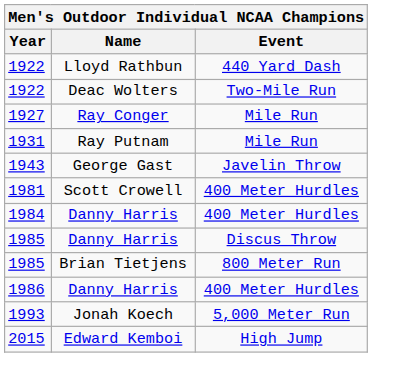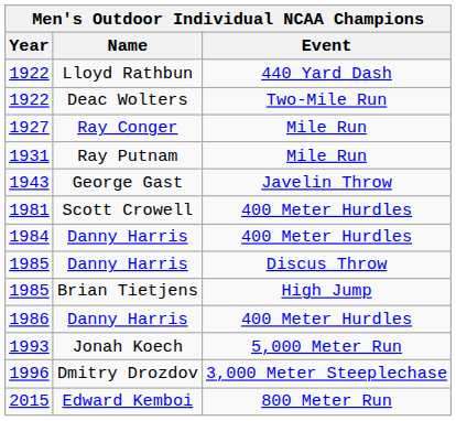 <table class="wikitable">
 <tr>
 <th colspan="3">Men's Outdoor Individual NCAA Champions</th>
 </tr>
 <tr>
 <th scope="col">Year</th>
 <th scope="col">Name</th>
 <th scope="col">Event</th>
 </tr>
 <tr>
 <td><a href='#'>1922</a></td>
 <td style="text-align: center;">Lloyd Rathbun</td>
 <td style="text-align: center;"><a href='#'>440 Yard Dash</a></td>
 </tr>
 <tr>
 <td><a href='#'>1922</a></td>
 <td style="text-align: center;">Deac Wolters</td>
 <td style="text-align: center;"><a href='#'>Two-Mile Run</a></td>
 </tr>
 <tr>
 <td><a href='#'>1927</a></td>
 <td style="text-align: center;"><a href='#'>Ray Conger</a></td>
 <td style="text-align: center;"><a href='#'>Mile Run</a></td>
 </tr>
 <tr>
 <td><a href='#'>1931</a></td>
 <td style="text-align: center;">Ray Putnam</td>
 <td style="text-align: center;"><a href='#'>Mile Run</a></td>
 </tr>
 <tr>
 <td><a href='#'>1943</a></td>
 <td style="text-align: center;">George Gast</td>
 <td style="text-align: center;"><a href='#'>Javelin Throw</a></td>
 </tr>
 <tr>
 <td><a href='#'>1981</a></td>
 <td style="text-align: center;">Scott Crowell</td>
 <td style="text-align: center;"><a href='#'>400 Meter Hurdles</a></td>
 </tr>
 <tr>
 <td><a href='#'>1984</a></td>
 <td style="text-align: center;"><a href='#'>Danny Harris</a></td>
 <td style="text-align: center;"><a href='#'>400 Meter Hurdles</a></td>
 </tr>
 <tr>
 <td><a href='#'>1985</a></td>
 <td style="text-align: center;"><a href='#'>Danny Harris</a></td>
 <td style="text-align: center;"><a href='#'>Discus Throw</a></td>
 </tr>
 <tr>
 <td><a href='#'>1985</a></td>
 <td style="text-align: center;">Brian Tietjens</td>
-<td style="text-align: center;"><a href='#'>800 Meter Run</a></td>
+<td style="text-align: center;"><a href='#'>High Jump</a></td>
 </tr>
 <tr>
 <td><a href='#'>1986</a></td>
 <td style="text-align: center;"><a href='#'>Danny Harris</a></td>
 <td style="text-align: center;"><a href='#'>400 Meter Hurdles</a></td>
 </tr>
 <tr>
 <td><a href='#'>1993</a></td>
 <td style="text-align: center;">Jonah Koech</td>
 <td style="text-align: center;"><a href='#'>5,000 Meter Run</a></td>
 </tr>
 <tr>
+<td><a href='#'>1996</a></td>
+<td style="text-align: center;">Dmitry Drozdov</td>
+<td style="text-align: center;"><a href='#'>3,000 Meter Steeplechase</a></td>
+</tr>
+<tr>
 <td><a href='#'>2015</a></td>
 <td style="text-align: center;"><a href='#'>Edward Kemboi</a></td>
-<td style="text-align: center;"><a href='#'>High Jump</a></td>
+<td style="text-align: center;"><a href='#'>800 Meter Run</a></td>
 </tr>
 </table>
